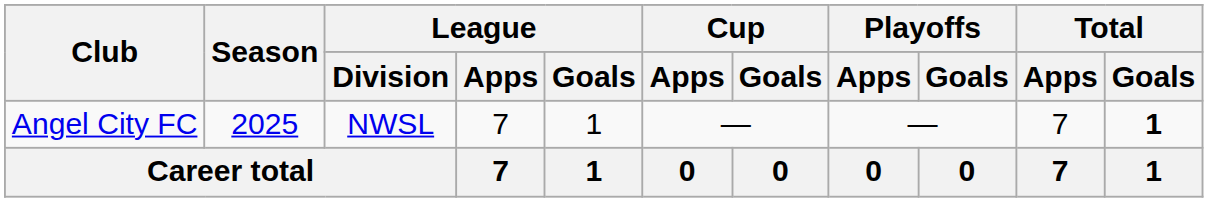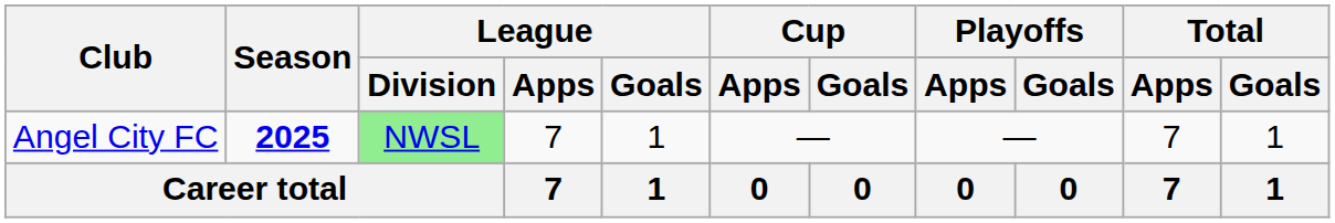 <table class="wikitable" style="text-align: center;">
 <tr>
 <th rowspan="2">Club</th>
 <th rowspan="2">Season</th>
 <th colspan="3">League</th>
 <th colspan="2">Cup</th>
 <th colspan="2">Playoffs</th>
 <th colspan="2">Total</th>
 </tr>
 <tr>
 <th>Division</th>
 <th>Apps</th>
 <th>Goals</th>
 <th>Apps</th>
 <th>Goals</th>
 <th>Apps</th>
 <th>Goals</th>
 <th>Apps</th>
 <th>Goals</th>
 </tr>
 <tr>
 <td><a href='#'>Angel City FC</a></td>
-<td><a href='#'>2025</a></td>
-<td><a href='#'>NWSL</a></td>
+<td><strong><a href='#'>2025</a></strong></td>
+<td style="background: lightgreen;"><a href='#'>NWSL</a></td>
 <td>7</td>
 <td>1</td>
 <td colspan="2">—</td>
 <td colspan="2">—</td>
 <td>7</td>
-<td><strong>1</strong></td>
+<td>1</td>
 </tr>
 <tr>
 <th colspan="3">Career total</th>
 <th>7</th>
 <th>1</th>
 <th>0</th>
 <th>0</th>
 <th>0</th>
 <th>0</th>
 <th>7</th>
 <th>1</th>
 </tr>
 </table>
